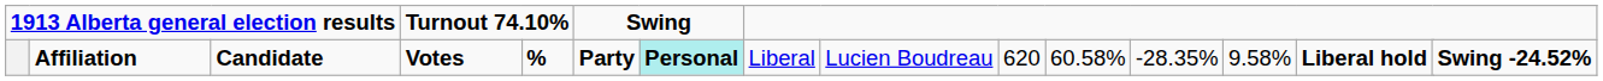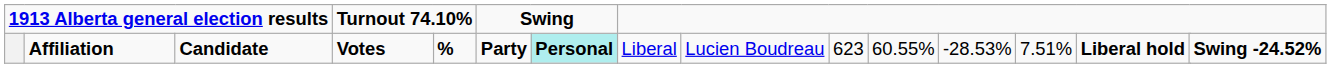 <table class="wikitable">
 <tr>
 <td colspan="3" align=center><strong><a href='#'>1913 Alberta general election</a> results</strong></td>
 <td colspan="2"><strong>Turnout 74.10%</strong></td>
 <td colspan="2" align=center><strong>Swing</strong></td>
 </tr>
 <tr>
 <th style="width: 10px;"></th>
 <td><strong>Affiliation</strong></td>
 <td><strong>Candidate</strong></td>
 <td><strong>Votes</strong></td>
 <td><strong>%</strong></td>
 <td><strong>Party</strong></td>
 <td style="background: paleturquoise;"><strong>Personal</strong><br></td>
 <td><a href='#'>Liberal</a></td>
 <td><a href='#'>Lucien Boudreau</a></td>
-<td>620</td>
-<td>60.58%</td>
-<td>-28.35%</td>
-<td>9.58%<br>    </td>
+<td>623</td>
+<td>60.55%</td>
+<td>-28.53%</td>
+<td>7.51%<br>    </td>
 <td colspan=4><strong>Liberal hold</strong></td>
 <td colspan=2><strong>Swing -24.52%</strong></td>
 </tr>
 </table>
